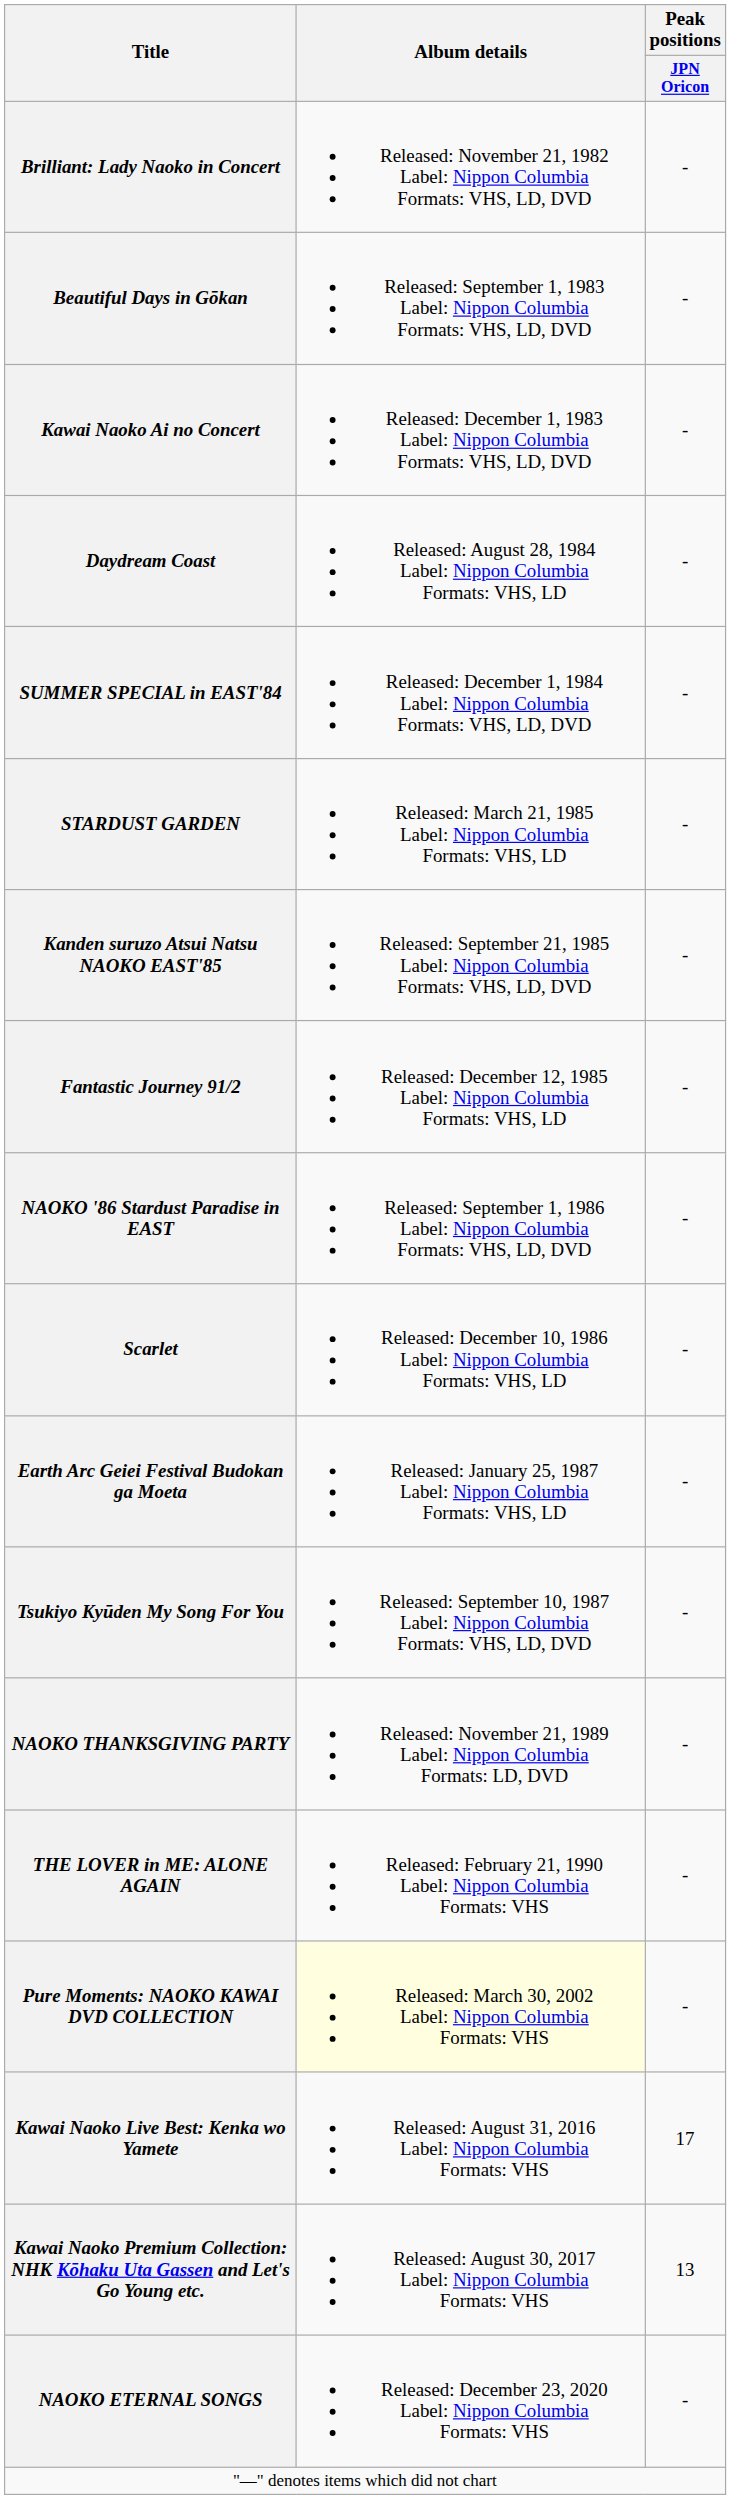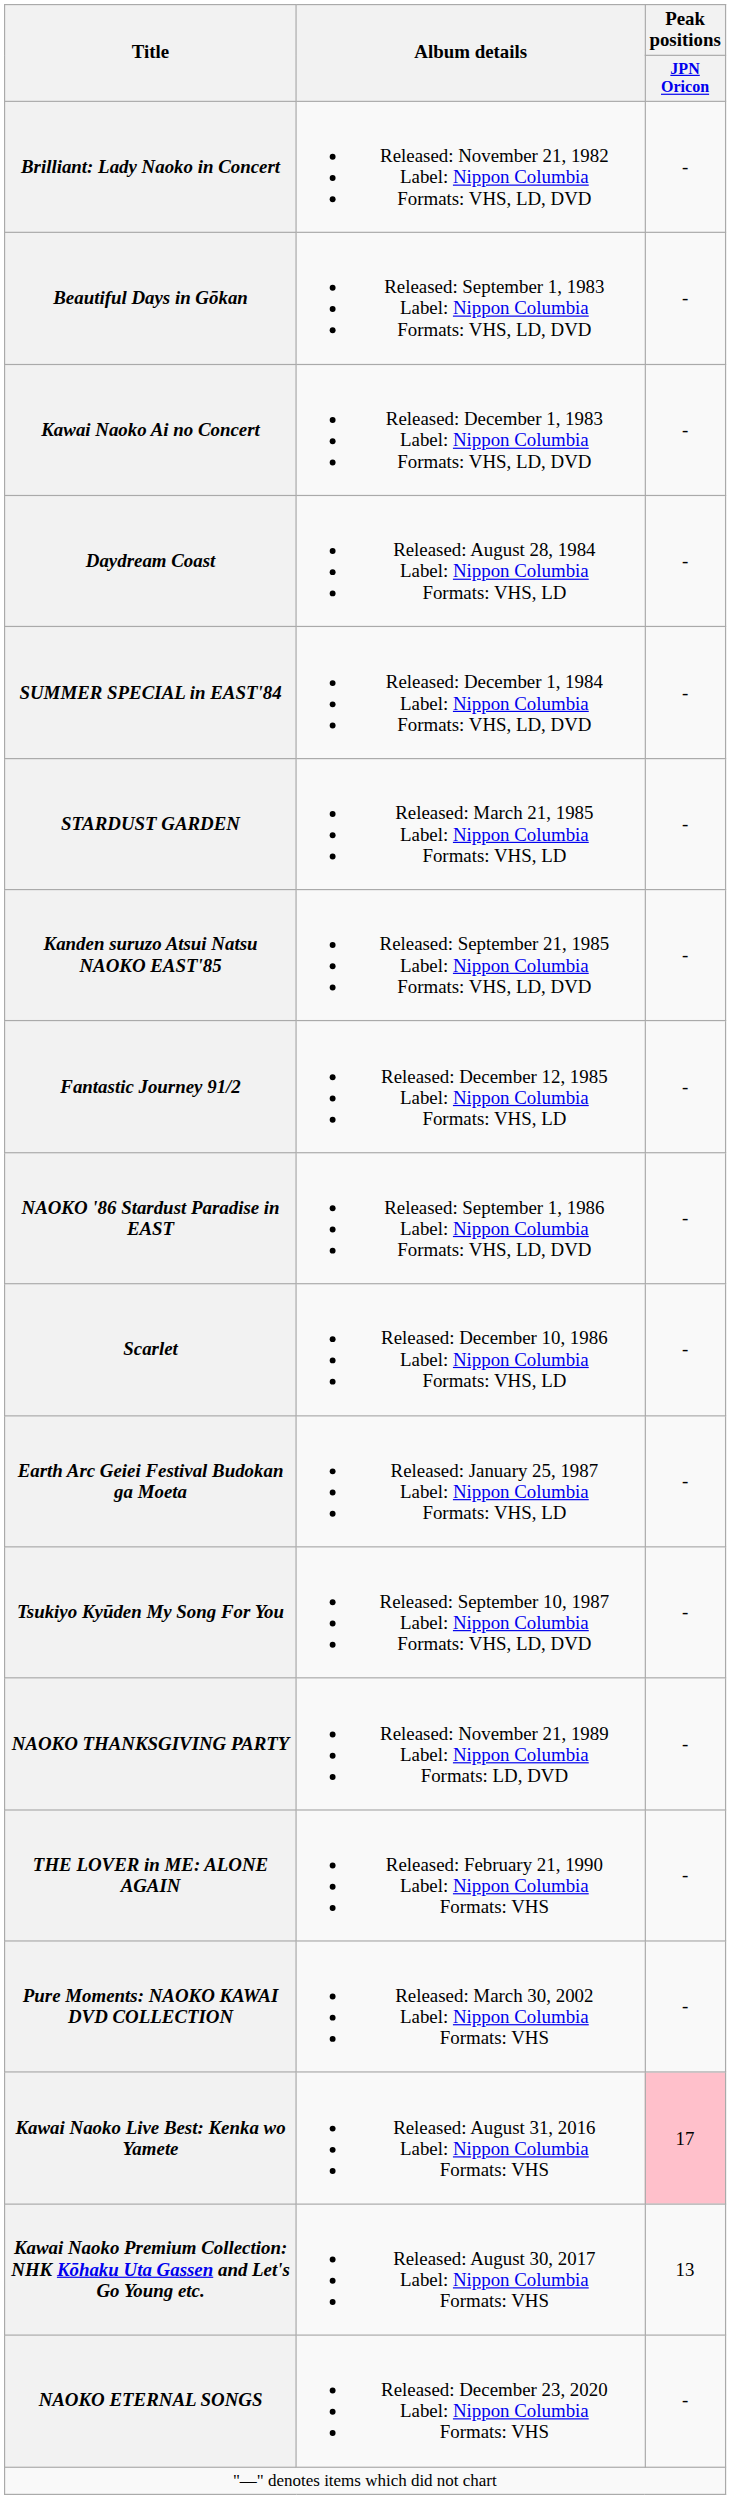 <table class="wikitable plainrowheaders" style="text-align:center;">
 <tr>
 <th style="width:15em;" rowspan="2">Title</th>
 <th style="width:18em;" rowspan="2">Album details</th>
 <th colspan="1">Peak positions</th>
 </tr>
 <tr>
 <th style="width:3em;font-size:85%"><a href='#'>JPN<br>Oricon</a><br></th>
 </tr>
 <tr>
 <th scope="row"><em>Brilliant: Lady Naoko in Concert</em></th>
 <td><br><ul><li>Released: November 21, 1982</li><li>Label: <a href='#'>Nippon Columbia</a></li><li>Formats: VHS, LD, DVD</li></ul></td>
 <td>-</td>
 </tr>
 <tr>
 <th scope="row"><em>Beautiful Days in Gōkan</em></th>
 <td><br><ul><li>Released: September 1, 1983</li><li>Label: <a href='#'>Nippon Columbia</a></li><li>Formats: VHS, LD, DVD</li></ul></td>
 <td>-</td>
 </tr>
 <tr>
 <th scope="row"><em>Kawai Naoko Ai no Concert</em></th>
 <td><br><ul><li>Released: December 1, 1983</li><li>Label: <a href='#'>Nippon Columbia</a></li><li>Formats: VHS, LD, DVD</li></ul></td>
 <td>-</td>
 </tr>
 <tr>
 <th scope="row"><em>Daydream Coast</em></th>
 <td><br><ul><li>Released: August 28, 1984</li><li>Label: <a href='#'>Nippon Columbia</a></li><li>Formats: VHS, LD</li></ul></td>
 <td>-</td>
 </tr>
 <tr>
 <th scope="row"><em>SUMMER SPECIAL in EAST'84</em></th>
 <td><br><ul><li>Released: December 1, 1984</li><li>Label: <a href='#'>Nippon Columbia</a></li><li>Formats: VHS, LD, DVD</li></ul></td>
 <td>-</td>
 </tr>
 <tr>
 <th scope="row"><em>STARDUST GARDEN</em></th>
 <td><br><ul><li>Released: March 21, 1985</li><li>Label: <a href='#'>Nippon Columbia</a></li><li>Formats: VHS, LD</li></ul></td>
 <td>-</td>
 </tr>
 <tr>
 <th scope="row"><em>Kanden suruzo Atsui Natsu NAOKO EAST'85</em></th>
 <td><br><ul><li>Released: September 21, 1985</li><li>Label: <a href='#'>Nippon Columbia</a></li><li>Formats: VHS, LD, DVD</li></ul></td>
 <td>-</td>
 </tr>
 <tr>
 <th scope="row"><em>Fantastic Journey 91/2</em></th>
 <td><br><ul><li>Released: December 12, 1985</li><li>Label: <a href='#'>Nippon Columbia</a></li><li>Formats: VHS, LD</li></ul></td>
 <td>-</td>
 </tr>
 <tr>
 <th scope="row"><em>NAOKO '86 Stardust Paradise in EAST</em></th>
 <td><br><ul><li>Released: September 1, 1986</li><li>Label: <a href='#'>Nippon Columbia</a></li><li>Formats: VHS, LD, DVD</li></ul></td>
 <td>-</td>
 </tr>
 <tr>
 <th scope="row"><em>Scarlet</em></th>
 <td><br><ul><li>Released: December 10, 1986</li><li>Label: <a href='#'>Nippon Columbia</a></li><li>Formats: VHS, LD</li></ul></td>
 <td>-</td>
 </tr>
 <tr>
 <th scope="row"><em>Earth Arc Geiei Festival Budokan ga Moeta</em></th>
 <td><br><ul><li>Released: January 25, 1987</li><li>Label: <a href='#'>Nippon Columbia</a></li><li>Formats: VHS, LD</li></ul></td>
 <td>-</td>
 </tr>
 <tr>
 <th scope="row"><em>Tsukiyo Kyūden My Song For You</em></th>
 <td><br><ul><li>Released: September 10, 1987</li><li>Label: <a href='#'>Nippon Columbia</a></li><li>Formats: VHS, LD, DVD</li></ul></td>
 <td>-</td>
 </tr>
 <tr>
 <th scope="row"><em>NAOKO THANKSGIVING PARTY</em></th>
 <td><br><ul><li>Released: November 21, 1989</li><li>Label: <a href='#'>Nippon Columbia</a></li><li>Formats: LD, DVD</li></ul></td>
 <td>-</td>
 </tr>
 <tr>
 <th scope="row"><em>THE LOVER in ME: ALONE AGAIN</em></th>
 <td><br><ul><li>Released: February 21, 1990</li><li>Label: <a href='#'>Nippon Columbia</a></li><li>Formats: VHS</li></ul></td>
 <td>-</td>
 </tr>
 <tr>
 <th scope="row"><em>Pure Moments: NAOKO KAWAI DVD COLLECTION</em></th>
-<td style="background: lightyellow;"><br><ul><li>Released: March 30, 2002</li><li>Label: <a href='#'>Nippon Columbia</a></li><li>Formats: VHS</li></ul></td>
+<td><br><ul><li>Released: March 30, 2002</li><li>Label: <a href='#'>Nippon Columbia</a></li><li>Formats: VHS</li></ul></td>
 <td>-</td>
 </tr>
 <tr>
 <th scope="row"><em>Kawai Naoko Live Best: Kenka wo Yamete</em></th>
 <td><br><ul><li>Released: August 31, 2016</li><li>Label: <a href='#'>Nippon Columbia</a></li><li>Formats: VHS</li></ul></td>
-<td>17</td>
+<td style="background: pink;">17</td>
 </tr>
 <tr>
 <th scope="row"><em>Kawai Naoko Premium Collection: NHK <a href='#'>Kōhaku Uta Gassen</a> and Let's Go Young etc.</em></th>
 <td><br><ul><li>Released: August 30, 2017</li><li>Label: <a href='#'>Nippon Columbia</a></li><li>Formats: VHS</li></ul></td>
 <td>13</td>
 </tr>
 <tr>
 <th scope="row"><em>NAOKO ETERNAL SONGS</em></th>
 <td><br><ul><li>Released: December 23, 2020</li><li>Label: <a href='#'>Nippon Columbia</a></li><li>Formats: VHS</li></ul></td>
 <td>-</td>
 </tr>
 <tr>
 <td colspan="11" align="center" style="font-size:90%;">"—" denotes items which did not chart</td>
 </tr>
 </table>
